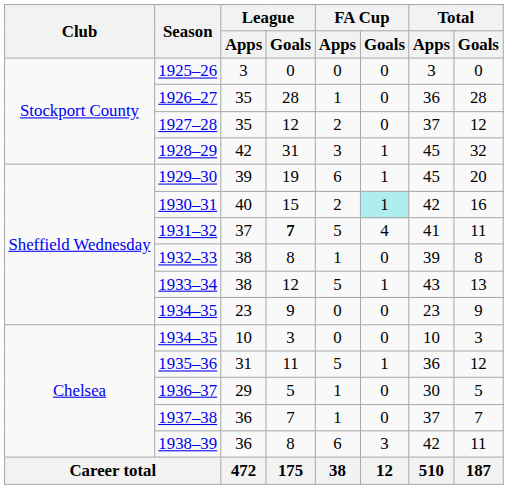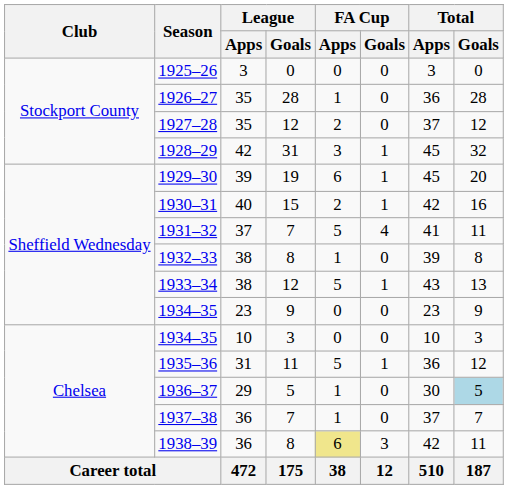 <table class="wikitable" style="text-align:center">
 <tr>
 <th rowspan="2">Club</th>
 <th rowspan="2">Season</th>
 <th colspan="2">League</th>
 <th colspan="2">FA Cup</th>
 <th colspan="2">Total</th>
 </tr>
 <tr>
 <th>Apps</th>
 <th>Goals</th>
 <th>Apps</th>
 <th>Goals</th>
 <th>Apps</th>
 <th>Goals</th>
 </tr>
 <tr>
 <td rowspan="4"><a href='#'>Stockport County</a></td>
 <td><a href='#'>1925–26</a></td>
 <td>3</td>
 <td>0</td>
 <td>0</td>
 <td>0</td>
 <td>3</td>
 <td>0</td>
 </tr>
 <tr>
 <td><a href='#'>1926–27</a></td>
 <td>35</td>
 <td>28</td>
 <td>1</td>
 <td>0</td>
 <td>36</td>
 <td>28</td>
 </tr>
 <tr>
 <td><a href='#'>1927–28</a></td>
 <td>35</td>
 <td>12</td>
 <td>2</td>
 <td>0</td>
 <td>37</td>
 <td>12</td>
 </tr>
 <tr>
 <td><a href='#'>1928–29</a></td>
 <td>42</td>
 <td>31</td>
 <td>3</td>
 <td>1</td>
 <td>45</td>
 <td>32</td>
 </tr>
 <tr>
 <td rowspan="6"><a href='#'>Sheffield Wednesday</a></td>
 <td><a href='#'>1929–30</a></td>
 <td>39</td>
 <td>19</td>
 <td>6</td>
 <td>1</td>
 <td>45</td>
 <td>20</td>
 </tr>
 <tr>
 <td><a href='#'>1930–31</a></td>
 <td>40</td>
 <td>15</td>
 <td>2</td>
-<td style="background: paleturquoise;">1</td>
+<td>1</td>
 <td>42</td>
 <td>16</td>
 </tr>
 <tr>
 <td><a href='#'>1931–32</a></td>
 <td>37</td>
-<td><strong>7</strong></td>
+<td>7</td>
 <td>5</td>
 <td>4</td>
 <td>41</td>
 <td>11</td>
 </tr>
 <tr>
 <td><a href='#'>1932–33</a></td>
 <td>38</td>
 <td>8</td>
 <td>1</td>
 <td>0</td>
 <td>39</td>
 <td>8</td>
 </tr>
 <tr>
 <td><a href='#'>1933–34</a></td>
 <td>38</td>
 <td>12</td>
 <td>5</td>
 <td>1</td>
 <td>43</td>
 <td>13</td>
 </tr>
 <tr>
 <td><a href='#'>1934–35</a></td>
 <td>23</td>
 <td>9</td>
 <td>0</td>
 <td>0</td>
 <td>23</td>
 <td>9</td>
 </tr>
 <tr>
 <td rowspan="5"><a href='#'>Chelsea</a></td>
 <td><a href='#'>1934–35</a></td>
 <td>10</td>
 <td>3</td>
 <td>0</td>
 <td>0</td>
 <td>10</td>
 <td>3</td>
 </tr>
 <tr>
 <td><a href='#'>1935–36</a></td>
 <td>31</td>
 <td>11</td>
 <td>5</td>
 <td>1</td>
 <td>36</td>
 <td>12</td>
 </tr>
 <tr>
 <td><a href='#'>1936–37</a></td>
 <td>29</td>
 <td>5</td>
 <td>1</td>
 <td>0</td>
 <td>30</td>
-<td>5</td>
+<td style="background: lightblue;">5</td>
 </tr>
 <tr>
 <td><a href='#'>1937–38</a></td>
 <td>36</td>
 <td>7</td>
 <td>1</td>
 <td>0</td>
 <td>37</td>
 <td>7</td>
 </tr>
 <tr>
 <td><a href='#'>1938–39</a></td>
 <td>36</td>
 <td>8</td>
-<td>6</td>
+<td style="background: khaki;">6</td>
 <td>3</td>
 <td>42</td>
 <td>11</td>
 </tr>
 <tr>
 <th colspan="2">Career total</th>
 <th>472</th>
 <th>175</th>
 <th>38</th>
 <th>12</th>
 <th>510</th>
 <th>187</th>
 </tr>
 </table>
